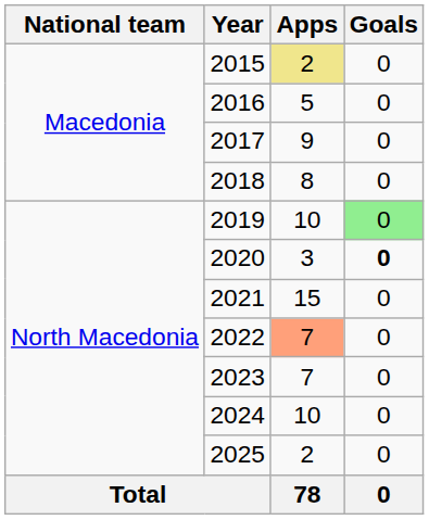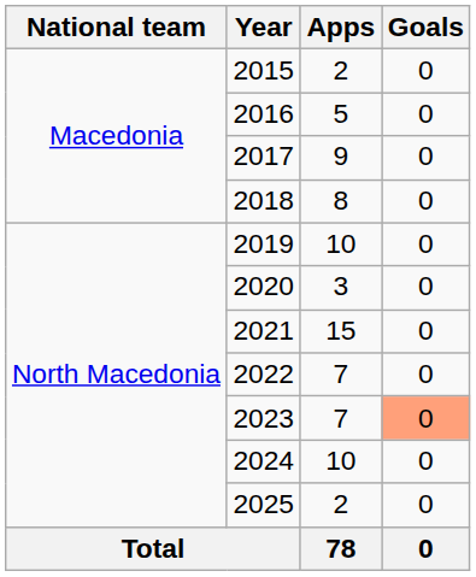 <table class="wikitable" style="text-align:center">
 <tr>
 <th>National team</th>
 <th>Year</th>
 <th>Apps</th>
 <th>Goals</th>
 </tr>
 <tr>
 <td rowspan="4"><a href='#'>Macedonia</a></td>
 <td>2015</td>
-<td style="background: khaki;">2</td>
+<td>2</td>
 <td>0</td>
 </tr>
 <tr>
 <td>2016</td>
 <td>5</td>
 <td>0</td>
 </tr>
 <tr>
 <td>2017</td>
 <td>9</td>
 <td>0</td>
 </tr>
 <tr>
 <td>2018</td>
 <td>8</td>
 <td>0</td>
 </tr>
 <tr>
 <td rowspan="7"><a href='#'>North Macedonia</a></td>
 <td>2019</td>
 <td>10</td>
-<td style="background: lightgreen;">0</td>
+<td>0</td>
 </tr>
 <tr>
 <td>2020</td>
 <td>3</td>
-<td><strong>0</strong></td>
+<td>0</td>
 </tr>
 <tr>
 <td>2021</td>
 <td>15</td>
 <td>0</td>
 </tr>
 <tr>
 <td>2022</td>
-<td style="background: lightsalmon;">7</td>
+<td>7</td>
 <td>0</td>
 </tr>
 <tr>
 <td>2023</td>
 <td>7</td>
-<td>0</td>
+<td style="background: lightsalmon;">0</td>
 </tr>
 <tr>
 <td>2024</td>
 <td>10</td>
 <td>0</td>
 </tr>
 <tr>
 <td>2025</td>
 <td>2</td>
 <td>0</td>
 </tr>
 <tr>
 <th colspan="2">Total</th>
 <th>78</th>
 <th>0</th>
 </tr>
 </table>
